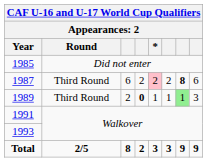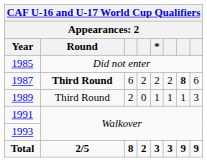 <table class="wikitable" style="text-align: center;">
 <tr>
 <th colspan=8><a href='#'>CAF U-16 and U-17 World Cup Qualifiers</a></th>
 </tr>
 <tr>
 <th colspan=8>Appearances: 2</th>
 </tr>
 <tr>
 <th>Year</th>
 <th>Round</th>
 <th></th>
 <th></th>
 <th>*</th>
 <th></th>
 <th></th>
 <th></th>
 </tr>
 <tr>
 <td><a href='#'>1985</a></td>
 <td rowspan=1 colspan=7><em>Did not enter</em></td>
 </tr>
 <tr>
 <td><a href='#'>1987</a></td>
-<td>Third Round</td>
+<td><strong>Third Round</strong></td>
 <td>6</td>
 <td>2</td>
-<td style="background: pink;">2</td>
+<td>2</td>
 <td>2</td>
 <td><strong>8</strong></td>
 <td>6</td>
 </tr>
 <tr>
 <td><a href='#'>1989</a></td>
 <td>Third Round</td>
 <td>2</td>
-<td><strong>0</strong></td>
+<td>0</td>
 <td>1</td>
 <td>1</td>
-<td style="background: lightgreen;">1</td>
+<td>1</td>
 <td>3</td>
 </tr>
 <tr>
 <td><a href='#'>1991</a></td>
 <td rowspan=2 colspan=7><em>Walkover</em></td>
 </tr>
 <tr>
 <td><a href='#'>1993</a></td>
 </tr>
 <tr>
 <td><strong>Total</strong></td>
 <td><strong>2/5</strong></td>
 <td><strong>8</strong></td>
 <td><strong>2</strong></td>
 <td><strong>3</strong></td>
 <td><strong>3</strong></td>
 <td><strong>9</strong></td>
 <td><strong>9</strong></td>
 </tr>
 </table>
